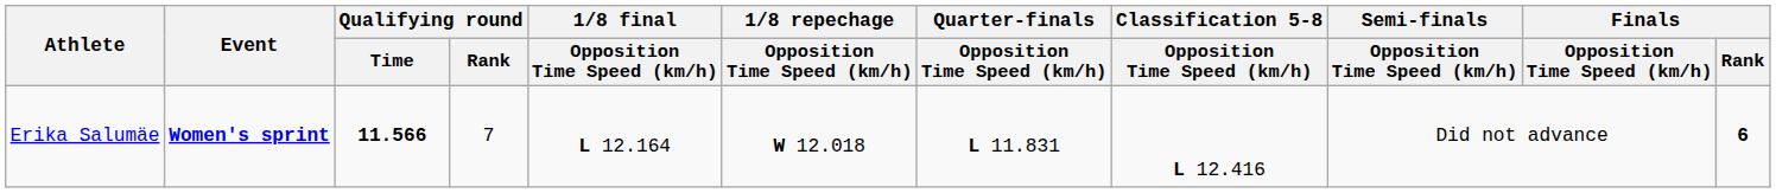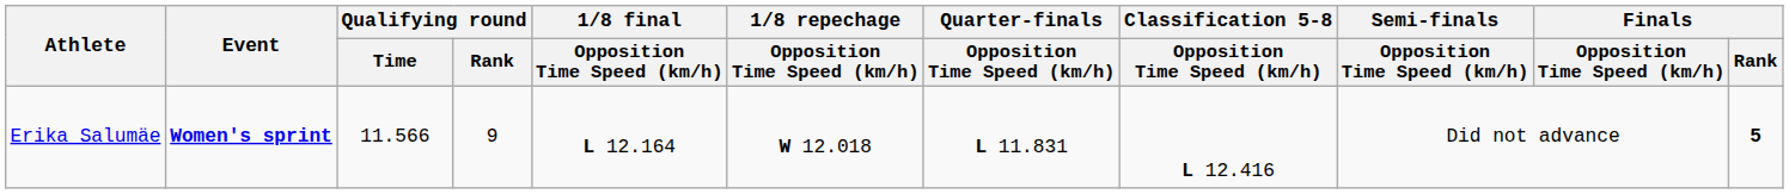 <table class=wikitable style="font-size:90%">
 <tr>
 <th rowspan="2">Athlete</th>
 <th rowspan="2">Event</th>
 <th colspan=2>Qualifying round</th>
 <th colspan=1>1/8 final</th>
 <th colspan=1>1/8 repechage</th>
 <th colspan=1>Quarter-finals</th>
 <th colspan=1>Classification 5-8</th>
 <th colspan=1>Semi-finals</th>
 <th colspan=2>Finals</th>
 </tr>
 <tr style="font-size:95%">
 <th>Time</th>
 <th>Rank</th>
 <th>Opposition<br>Time Speed (km/h)</th>
 <th>Opposition<br>Time Speed (km/h)</th>
 <th>Opposition<br>Time Speed (km/h)</th>
 <th>Opposition<br>Time Speed (km/h)</th>
 <th>Opposition<br>Time Speed (km/h)</th>
 <th>Opposition<br>Time Speed (km/h)</th>
 <th>Rank</th>
 </tr>
 <tr align=center>
 <td align=left><a href='#'>Erika Salumäe</a></td>
 <td align=left><strong><a href='#'>Women's sprint</a></strong></td>
-<td><strong>11.566</strong></td>
-<td>7</td>
+<td>11.566</td>
+<td>9</td>
 <td><br><strong>L</strong> 12.164</td>
 <td><br><strong>W</strong> 12.018</td>
 <td><br><strong>L</strong> 11.831</td>
 <td><br><br><br><strong>L</strong> 12.416</td>
 <td colspan=2>Did not advance</td>
-<td><strong>6</strong></td>
+<td><strong>5</strong></td>
 </tr>
 </table>
